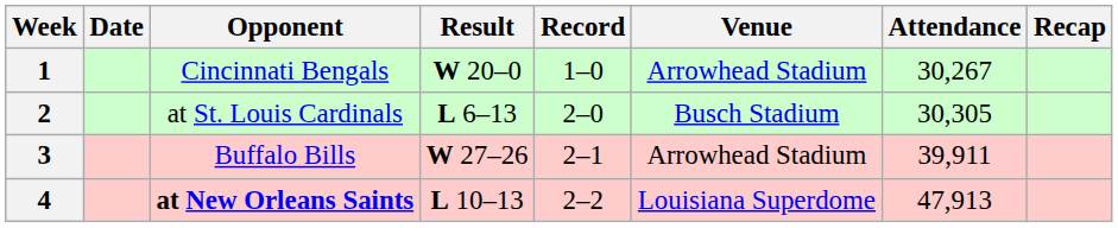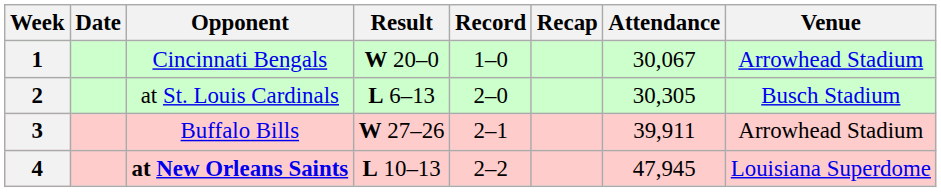 <table class="wikitable" style="text-align:center">
 <tr>
 <th>Week</th>
 <th>Date</th>
 <th>Opponent</th>
 <th>Result</th>
 <th>Record</th>
+<th>Recap</th>
+<th>Attendance</th>
 <th>Venue</th>
-<th>Attendance</th>
-<th>Recap</th>
 </tr>
 <tr style="background:#cfc">
 <th>1</th>
 <td></td>
 <td><a href='#'>Cincinnati Bengals</a></td>
 <td><strong>W</strong> 20–0</td>
 <td>1–0</td>
+<td></td>
+<td>30,067</td>
 <td><a href='#'>Arrowhead Stadium</a></td>
-<td>30,267</td>
-<td></td>
 </tr>
 <tr style="background:#cfc">
 <th>2</th>
 <td></td>
 <td>at <a href='#'>St. Louis Cardinals</a></td>
 <td><strong>L</strong> 6–13</td>
 <td>2–0</td>
+<td></td>
+<td>30,305</td>
 <td><a href='#'>Busch Stadium</a></td>
-<td>30,305</td>
-<td></td>
 </tr>
 <tr style="background:#fcc">
 <th>3</th>
 <td></td>
 <td><a href='#'>Buffalo Bills</a></td>
 <td><strong>W</strong> 27–26</td>
 <td>2–1</td>
+<td></td>
+<td>39,911</td>
 <td>Arrowhead Stadium</td>
-<td>39,911</td>
-<td></td>
 </tr>
 <tr style="background:#fcc">
 <th>4</th>
 <td></td>
 <td><strong>at <a href='#'>New Orleans Saints</a></strong></td>
 <td><strong>L</strong> 10–13</td>
 <td>2–2</td>
+<td></td>
+<td>47,945</td>
 <td><a href='#'>Louisiana Superdome</a></td>
-<td>47,913</td>
-<td></td>
 </tr>
 </table>
